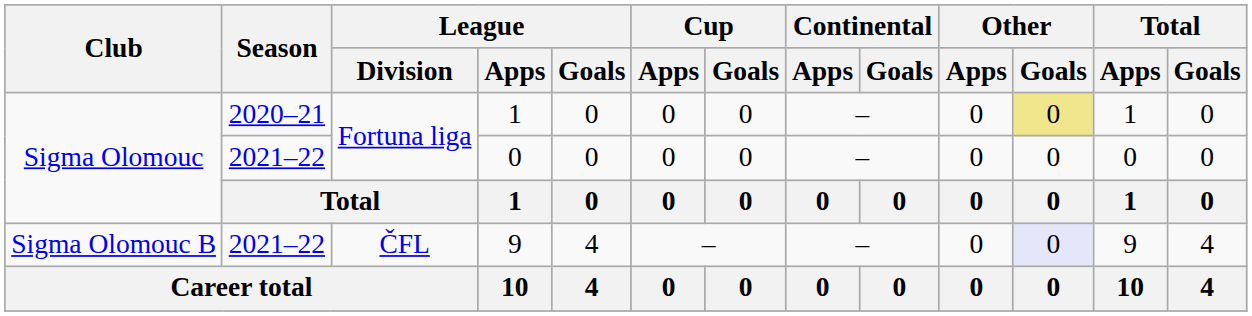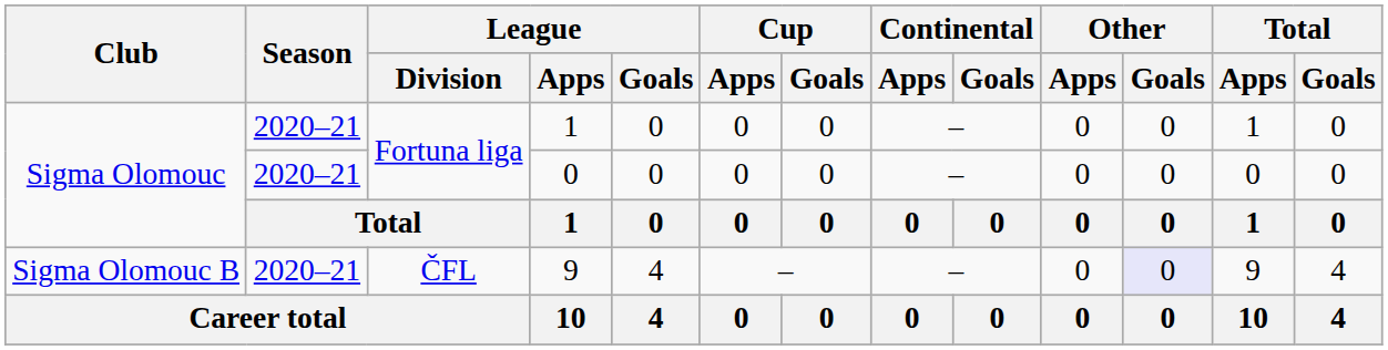 <table class="wikitable" style="text-align: center">
 <tr>
 <th rowspan="2">Club</th>
 <th rowspan="2">Season</th>
 <th colspan="3">League</th>
 <th colspan="2">Cup</th>
 <th colspan="2">Continental</th>
 <th colspan="2">Other</th>
 <th colspan="2">Total</th>
 </tr>
 <tr>
 <th>Division</th>
 <th>Apps</th>
 <th>Goals</th>
 <th>Apps</th>
 <th>Goals</th>
 <th>Apps</th>
 <th>Goals</th>
 <th>Apps</th>
 <th>Goals</th>
 <th>Apps</th>
 <th>Goals</th>
 </tr>
 <tr>
 <td rowspan="3"><a href='#'>Sigma Olomouc</a></td>
 <td><a href='#'>2020–21</a></td>
 <td rowspan="2"><a href='#'>Fortuna liga</a></td>
 <td>1</td>
 <td>0</td>
 <td>0</td>
 <td>0</td>
 <td colspan="2">–</td>
 <td>0</td>
-<td style="background: khaki;">0</td>
+<td>0</td>
 <td>1</td>
 <td>0</td>
 </tr>
 <tr>
-<td><a href='#'>2021–22</a></td>
+<td><a href='#'>2020–21</a></td>
 <td>0</td>
 <td>0</td>
 <td>0</td>
 <td>0</td>
 <td colspan="2">–</td>
 <td>0</td>
 <td>0</td>
 <td>0</td>
 <td>0</td>
 </tr>
 <tr>
 <th colspan="2"><strong>Total</strong></th>
 <th>1</th>
 <th>0</th>
 <th>0</th>
 <th>0</th>
 <th>0</th>
 <th>0</th>
 <th>0</th>
 <th>0</th>
 <th>1</th>
 <th>0</th>
 </tr>
 <tr>
 <td><a href='#'>Sigma Olomouc B</a></td>
-<td><a href='#'>2021–22</a></td>
+<td><a href='#'>2020–21</a></td>
 <td><a href='#'>ČFL</a></td>
 <td>9</td>
 <td>4</td>
 <td colspan="2">–</td>
 <td colspan="2">–</td>
 <td>0</td>
 <td style="background: lavender;">0</td>
 <td>9</td>
 <td>4</td>
 </tr>
 <tr>
 <th colspan="3"><strong>Career total</strong></th>
 <th>10</th>
 <th>4</th>
 <th>0</th>
 <th>0</th>
 <th>0</th>
 <th>0</th>
 <th>0</th>
 <th>0</th>
 <th>10</th>
 <th>4</th>
 </tr>
 </table>
